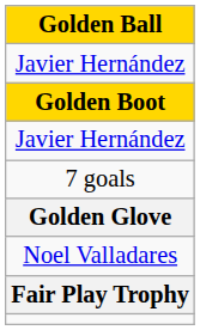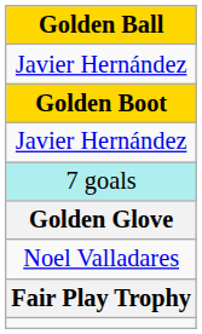 <table class="wikitable" style="text-align:center">
 <tr>
 <th scope=col style="background-color: gold">Golden Ball</th>
 </tr>
 <tr>
 <td> <a href='#'>Javier Hernández</a></td>
 </tr>
 <tr>
 <th scope=col style="background-color: gold">Golden Boot</th>
 </tr>
 <tr>
 <td> <a href='#'>Javier Hernández</a></td>
 </tr>
 <tr>
-<td>7 goals</td>
+<td style="background: paleturquoise;">7 goals</td>
 </tr>
 <tr>
 <th colspan="3">Golden Glove</th>
 </tr>
 <tr>
 <td colspan="3"> <a href='#'>Noel Valladares</a></td>
 </tr>
 <tr>
 <th colspan="3">Fair Play Trophy</th>
 </tr>
 <tr>
 <td colspan="3"></td>
 </tr>
 </table>
